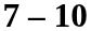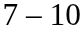 <table style="text-align:center">
 <tr>
 <th width=200></th>
 <th width=100></th>
 <th width=200></th>
 </tr>
 <tr>
 <td align=right></td>
-<td><strong>7 – 10</strong></td>
+<td>7 – 10</td>
 <td align=left><strong></strong></td>
 </tr>
 </table>
